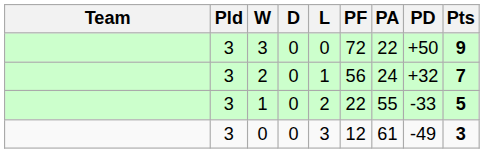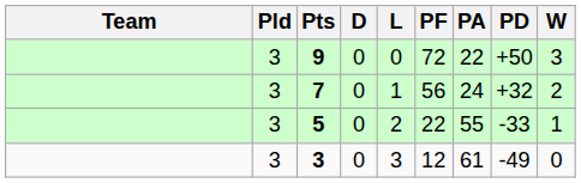 <table class="wikitable" style="text-align:center;">
 <tr>
 <th width=175>Team</th>
 <th width=20 abbr="Played">Pld</th>
-<th width=20 abbr="Won">W</th>
+<th width=20 abbr="Points">Pts</th>
 <th width=20 abbr="Drawn">D</th>
 <th width=20 abbr="Lost">L</th>
 <th width=20 abbr="Points for">PF</th>
 <th width=20 abbr="Points against">PA</th>
 <th width=25 abbr="Points difference">PD</th>
-<th width=20 abbr="Points">Pts</th>
+<th width=20 abbr="Won">W</th>
 </tr>
 <tr bgcolor=ccffcc>
 <td style="text-align:left;"></td>
 <td>3</td>
-<td>3</td>
+<td><strong>9</strong></td>
 <td>0</td>
 <td>0</td>
 <td>72</td>
 <td>22</td>
 <td>+50</td>
-<td><strong>9</strong></td>
+<td>3</td>
 </tr>
 <tr bgcolor=ccffcc>
 <td style="text-align:left;"></td>
 <td>3</td>
-<td>2</td>
+<td><strong>7</strong></td>
 <td>0</td>
 <td>1</td>
 <td>56</td>
 <td>24</td>
 <td>+32</td>
-<td><strong>7</strong></td>
+<td>2</td>
 </tr>
 <tr bgcolor=ccffcc>
 <td style="text-align:left;"></td>
 <td>3</td>
-<td>1</td>
+<td><strong>5</strong></td>
 <td>0</td>
 <td>2</td>
 <td>22</td>
 <td>55</td>
 <td>-33</td>
-<td><strong>5</strong></td>
+<td>1</td>
 </tr>
 <tr>
 <td style="text-align:left;"></td>
 <td>3</td>
-<td>0</td>
+<td><strong>3</strong></td>
 <td>0</td>
 <td>3</td>
 <td>12</td>
 <td>61</td>
 <td>-49</td>
-<td><strong>3</strong></td>
+<td>0</td>
 </tr>
 </table>
